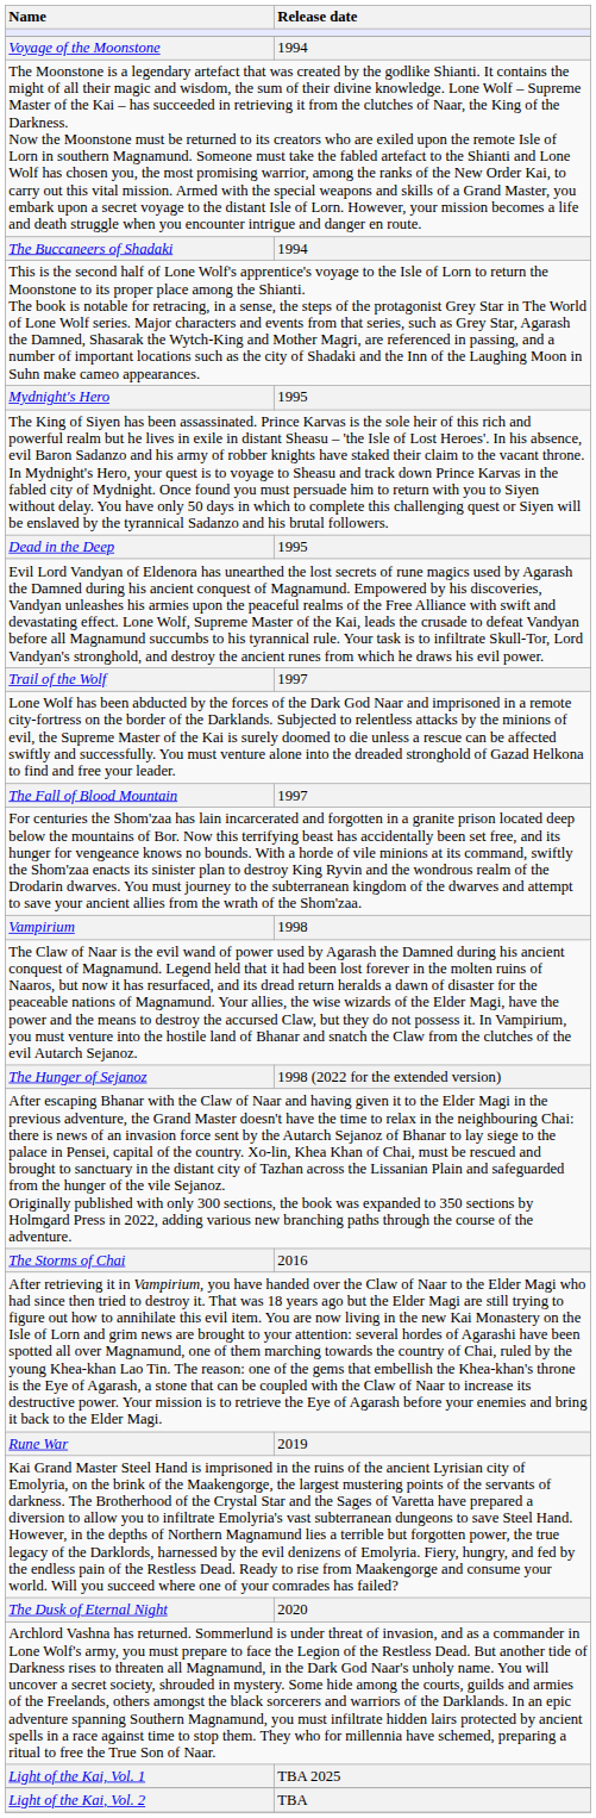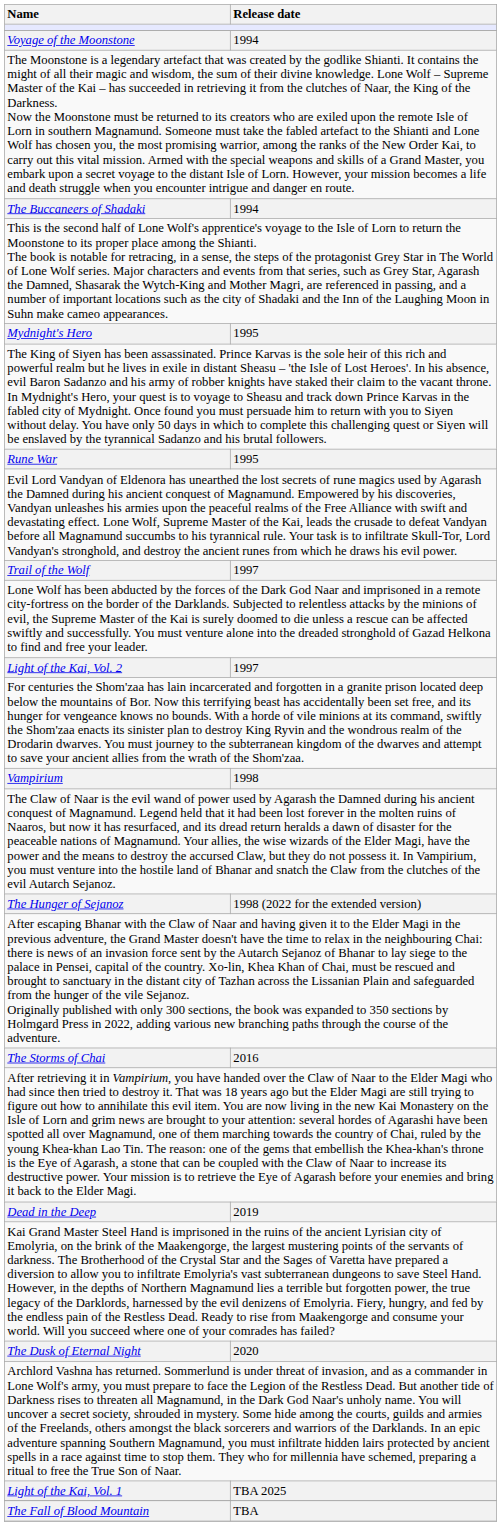 <table class="wikitable" width="100%">
 <tr>
 <th style="text-align:left;">Name</th>
 <th style="text-align:left;">Release date</th>
 </tr>
 <tr>
 <td colspan="2" bgcolor="#e6e9ff"></td>
 </tr>
 <tr>
 </tr>
 <tr bgcolor="#F2F2F2" align="left">
 <td><em> <a href='#'>Voyage of the Moonstone</a></em></td>
 <td>1994</td>
 </tr>
 <tr>
 <td colspan="2" style="border: none; vertical-align: top;">The Moonstone is a legendary artefact that was created by the godlike Shianti. It contains the might of all their magic and wisdom, the sum of their divine knowledge. Lone Wolf – Supreme Master of the Kai – has succeeded in retrieving it from the clutches of Naar, the King of the Darkness.<br>Now the Moonstone must be returned to its creators who are exiled upon the remote Isle of Lorn in southern Magnamund. Someone must take the fabled artefact to the Shianti and Lone Wolf has chosen you, the most promising warrior, among the ranks of the New Order Kai, to carry out this vital mission. Armed with the special weapons and skills of a Grand Master, you embark upon a secret voyage to the distant Isle of Lorn. However, your mission becomes a life and death struggle when you encounter intrigue and danger en route.</td>
 </tr>
 <tr bgcolor="#F2F2F2" align="left">
 <td><em><a href='#'>The Buccaneers of Shadaki</a></em></td>
 <td>1994</td>
 </tr>
 <tr>
 <td colspan="2" style="border: none; vertical-align: top;">This is the second half of Lone Wolf's apprentice's voyage to the Isle of Lorn to return the Moonstone to its proper place among the Shianti.<br>The book is notable for retracing, in a sense, the steps of the protagonist Grey Star in The World of Lone Wolf series. Major characters and events from that series, such as Grey Star, Agarash the Damned, Shasarak the Wytch-King and Mother Magri, are referenced in passing, and a number of important locations such as the city of Shadaki and the Inn of the Laughing Moon in Suhn make cameo appearances.</td>
 </tr>
 <tr bgcolor="#F2F2F2" align="left">
 <td><em><a href='#'>Mydnight's Hero</a></em></td>
 <td>1995</td>
 </tr>
 <tr>
 <td colspan="2" style="border: none; vertical-align: top;">The King of Siyen has been assassinated. Prince Karvas is the sole heir of this rich and powerful realm but he lives in exile in distant Sheasu – 'the Isle of Lost Heroes'. In his absence, evil Baron Sadanzo and his army of robber knights have staked their claim to the vacant throne. In Mydnight's Hero, your quest is to voyage to Sheasu and track down Prince Karvas in the fabled city of Mydnight. Once found you must persuade him to return with you to Siyen without delay. You have only 50 days in which to complete this challenging quest or Siyen will be enslaved by the tyrannical Sadanzo and his brutal followers.</td>
 </tr>
 <tr bgcolor="#F2F2F2" align="left">
-<td><em><a href='#'>Dead in the Deep</a></em></td>
+<td><em><a href='#'>Rune War</a></em></td>
 <td>1995</td>
 </tr>
 <tr>
 <td colspan="2" style="border: none; vertical-align: top;">Evil Lord Vandyan of Eldenora has unearthed the lost secrets of rune magics used by Agarash the Damned during his ancient conquest of Magnamund. Empowered by his discoveries, Vandyan unleashes his armies upon the peaceful realms of the Free Alliance with swift and devastating effect. Lone Wolf, Supreme Master of the Kai, leads the crusade to defeat Vandyan before all Magnamund succumbs to his tyrannical rule. Your task is to infiltrate Skull-Tor, Lord Vandyan's stronghold, and destroy the ancient runes from which he draws his evil power.</td>
 </tr>
 <tr bgcolor="#F2F2F2" align="left">
 <td><em><a href='#'>Trail of the Wolf</a></em></td>
 <td>1997</td>
 </tr>
 <tr>
 <td colspan="2" style="border: none; vertical-align: top;">Lone Wolf has been abducted by the forces of the Dark God Naar and imprisoned in a remote city-fortress on the border of the Darklands. Subjected to relentless attacks by the minions of evil, the Supreme Master of the Kai is surely doomed to die unless a rescue can be affected swiftly and successfully. You must venture alone into the dreaded stronghold of Gazad Helkona to find and free your leader.</td>
 </tr>
 <tr bgcolor="#F2F2F2" align="left">
-<td><em><a href='#'>The Fall of Blood Mountain</a></em></td>
+<td><em><a href='#'>Light of the Kai, Vol. 2</a></em></td>
 <td>1997</td>
 </tr>
 <tr>
 <td colspan="2" style="border: none; vertical-align: top;">For centuries the Shom'zaa has lain incarcerated and forgotten in a granite prison located deep below the mountains of Bor. Now this terrifying beast has accidentally been set free, and its hunger for vengeance knows no bounds. With a horde of vile minions at its command, swiftly the Shom'zaa enacts its sinister plan to destroy King Ryvin and the wondrous realm of the Drodarin dwarves. You must journey to the subterranean kingdom of the dwarves and attempt to save your ancient allies from the wrath of the Shom'zaa.</td>
 </tr>
 <tr bgcolor="#F2F2F2" align="left">
 <td><em><a href='#'>Vampirium</a></em></td>
 <td>1998</td>
 </tr>
 <tr>
 <td colspan="2" style="border: none; vertical-align: top;">The Claw of Naar is the evil wand of power used by Agarash the Damned during his ancient conquest of Magnamund. Legend held that it had been lost forever in the molten ruins of Naaros, but now it has resurfaced, and its dread return heralds a dawn of disaster for the peaceable nations of Magnamund. Your allies, the wise wizards of the Elder Magi, have the power and the means to destroy the accursed Claw, but they do not possess it. In Vampirium, you must venture into the hostile land of Bhanar and snatch the Claw from the clutches of the evil Autarch Sejanoz.</td>
 </tr>
 <tr bgcolor="#F2F2F2" align="left">
 <td><em><a href='#'>The Hunger of Sejanoz</a></em></td>
 <td>1998 (2022 for the extended version)</td>
 </tr>
 <tr>
 <td colspan="2" style="border: none; vertical-align: top;">After escaping Bhanar with the Claw of Naar and having given it to the Elder Magi in the previous adventure, the Grand Master doesn't have the time to relax in the neighbouring Chai: there is news of an invasion force sent by the Autarch Sejanoz of Bhanar to lay siege to the palace in Pensei, capital of the country. Xo-lin, Khea Khan of Chai, must be rescued and brought to sanctuary in the distant city of Tazhan across the Lissanian Plain and safeguarded from the hunger of the vile Sejanoz.<br>Originally published with only 300 sections, the book was expanded to 350 sections by Holmgard Press in 2022, adding various new branching paths through the course of the adventure.</td>
 </tr>
 <tr bgcolor="#F2F2F2" align="left">
 <td><em><a href='#'>The Storms of Chai</a></em></td>
 <td>2016</td>
 </tr>
 <tr>
 <td colspan="2" style="border: none; vertical-align: top;">After retrieving it in <em>Vampirium</em>, you have handed over the Claw of Naar to the Elder Magi who had since then tried to destroy it. That was 18 years ago but the Elder Magi are still trying to figure out how to annihilate this evil item. You are now living in the new Kai Monastery on the Isle of Lorn and grim news are brought to your attention: several hordes of Agarashi have been spotted all over Magnamund, one of them marching towards the country of Chai, ruled by the young Khea-khan Lao Tin. The reason: one of the gems that embellish the Khea-khan's throne is the Eye of Agarash, a stone that can be coupled with the Claw of Naar to increase its destructive power. Your mission is to retrieve the Eye of Agarash before your enemies and bring it back to the Elder Magi.</td>
 </tr>
 <tr bgcolor="#F2F2F2" align="left">
-<td><em><a href='#'>Rune War</a></em></td>
+<td><em><a href='#'>Dead in the Deep</a></em></td>
 <td>2019</td>
 </tr>
 <tr>
 <td colspan="2" style="border: none; vertical-align: top;">Kai Grand Master Steel Hand is imprisoned in the ruins of the ancient Lyrisian city of Emolyria, on the brink of the Maakengorge, the largest mustering points of the servants of darkness. The Brotherhood of the Crystal Star and the Sages of Varetta have prepared a diversion to allow you to infiltrate Emolyria's vast subterranean dungeons to save Steel Hand. However, in the depths of Northern Magnamund lies a terrible but forgotten power, the true legacy of the Darklords, harnessed by the evil denizens of Emolyria. Fiery, hungry, and fed by the endless pain of the Restless Dead. Ready to rise from Maakengorge and consume your world. Will you succeed where one of your comrades has failed?</td>
 </tr>
 <tr bgcolor="#F2F2F2" align="left">
 <td><em><a href='#'>The Dusk of Eternal Night</a></em></td>
 <td>2020</td>
 </tr>
 <tr>
 <td colspan="2" style="border: none; vertical-align: top;">Archlord Vashna has returned. Sommerlund is under threat of invasion, and as a commander in Lone Wolf's army, you must prepare to face the Legion of the Restless Dead. But another tide of Darkness rises to threaten all Magnamund, in the Dark God Naar's unholy name.  You will uncover a secret society, shrouded in mystery. Some hide among the courts, guilds and armies of the Freelands, others amongst the black sorcerers and warriors of the Darklands. In an epic adventure spanning Southern Magnamund, you must infiltrate hidden lairs protected by ancient spells in a race against time to stop them. They who for millennia have schemed, preparing a ritual to free the True Son of Naar.</td>
 </tr>
 <tr bgcolor="#F2F2F2" align="left">
 <td><em><a href='#'>Light of the Kai, Vol. 1</a></em></td>
 <td>TBA 2025</td>
 </tr>
 <tr>
 </tr>
 <tr bgcolor="#F2F2F2" align="left">
-<td><em><a href='#'>Light of the Kai, Vol. 2</a></em></td>
+<td><em><a href='#'>The Fall of Blood Mountain</a></em></td>
 <td>TBA</td>
 </tr>
 <tr>
 </tr>
 </table>
